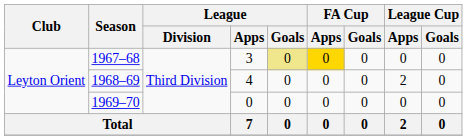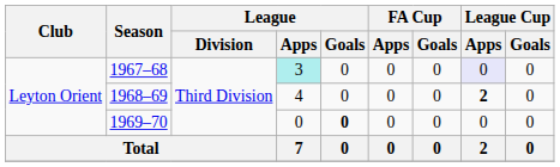 <table class="wikitable" style="text-align: center;">
 <tr>
 <th rowspan="2">Club</th>
 <th rowspan="2">Season</th>
 <th colspan="3">League</th>
 <th colspan="2">FA Cup</th>
 <th colspan="2">League Cup</th>
 </tr>
 <tr>
 <th>Division</th>
 <th>Apps</th>
 <th>Goals</th>
 <th>Apps</th>
 <th>Goals</th>
 <th>Apps</th>
 <th>Goals</th>
 </tr>
 <tr>
 <td rowspan="3"><a href='#'>Leyton Orient</a></td>
 <td><a href='#'>1967–68</a></td>
 <td rowspan="3"><a href='#'>Third Division</a></td>
-<td>3</td>
-<td style="background: khaki;">0</td>
-<td style="background: gold;">0</td>
+<td style="background: paleturquoise;">3</td>
 <td>0</td>
 <td>0</td>
+<td>0</td>
+<td style="background: lavender;">0</td>
 <td>0</td>
 </tr>
 <tr>
 <td><a href='#'>1968–69</a></td>
 <td>4</td>
 <td>0</td>
 <td>0</td>
 <td>0</td>
-<td>2</td>
+<td><strong>2</strong></td>
 <td>0</td>
 </tr>
 <tr>
 <td><a href='#'>1969–70</a></td>
 <td>0</td>
-<td>0</td>
+<td><strong>0</strong></td>
 <td>0</td>
 <td>0</td>
 <td>0</td>
 <td>0</td>
 </tr>
 <tr>
 <th colspan="3">Total</th>
 <th>7</th>
 <th>0</th>
 <th>0</th>
 <th>0</th>
 <th>2</th>
 <th>0</th>
 </tr>
 <tr>
 </tr>
 </table>
